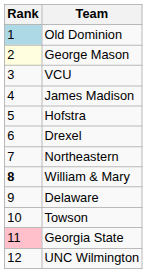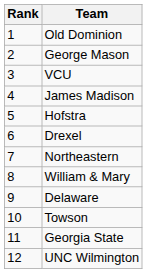 <table class=wikitable>
 <tr>
 <th>Rank</th>
 <th>Team</th>
 </tr>
 <tr>
-<td style="background: lightblue;">1</td>
+<td>1</td>
 <td>Old Dominion</td>
 </tr>
 <tr>
-<td style="background: lightyellow;">2</td>
+<td>2</td>
 <td>George Mason</td>
 </tr>
 <tr>
 <td>3</td>
 <td>VCU</td>
 </tr>
 <tr>
 <td>4</td>
 <td>James Madison</td>
 </tr>
 <tr>
 <td>5</td>
 <td>Hofstra</td>
 </tr>
 <tr>
 <td>6</td>
 <td>Drexel</td>
 </tr>
 <tr>
 <td>7</td>
 <td>Northeastern</td>
 </tr>
 <tr>
-<td><strong>8</strong></td>
+<td>8</td>
 <td>William & Mary</td>
 </tr>
 <tr>
 <td>9</td>
 <td>Delaware</td>
 </tr>
 <tr>
 <td>10</td>
 <td>Towson</td>
 </tr>
 <tr>
-<td style="background: pink;">11</td>
+<td>11</td>
 <td>Georgia State</td>
 </tr>
 <tr>
 <td>12</td>
 <td>UNC Wilmington</td>
 </tr>
 </table>
